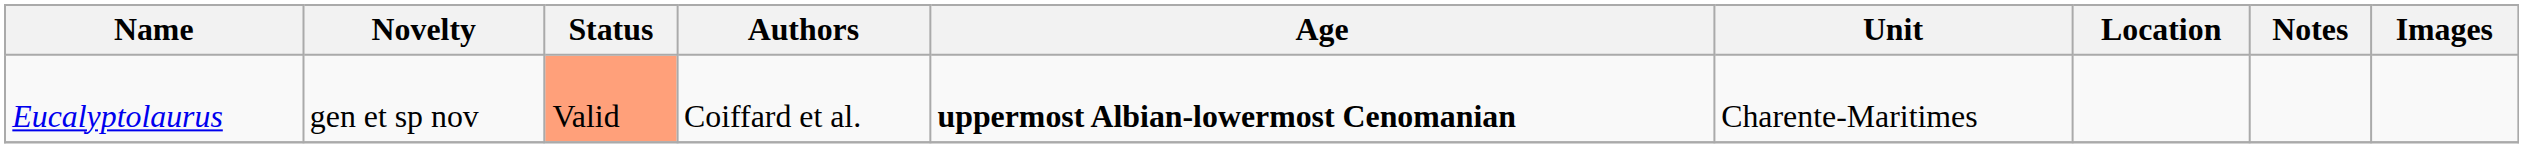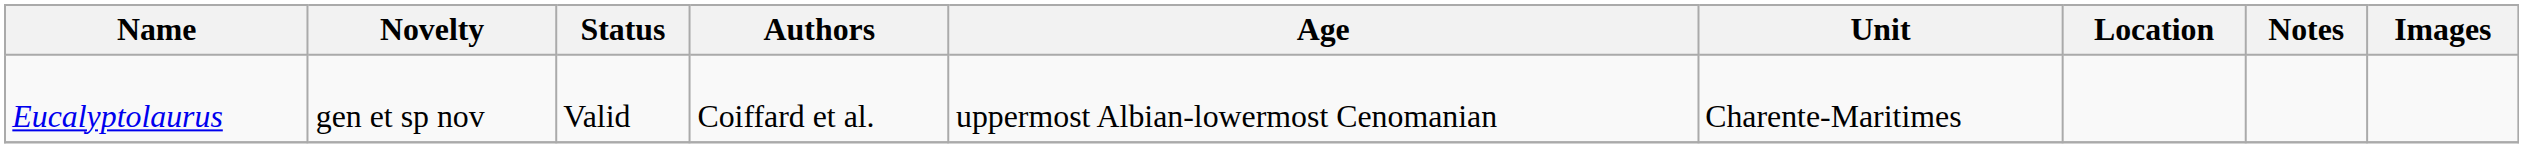 <table class="wikitable sortable" align="center" width="100%">
 <tr>
 <th>Name</th>
 <th>Novelty</th>
 <th>Status</th>
 <th>Authors</th>
 <th>Age</th>
 <th>Unit</th>
 <th>Location</th>
 <th>Notes</th>
 <th>Images</th>
 </tr>
 <tr>
 <td><br><em><a href='#'>Eucalyptolaurus</a></em></td>
 <td><br>gen et sp nov</td>
-<td style="background: lightsalmon;"><br>Valid</td>
+<td><br>Valid</td>
 <td><br>Coiffard et al.</td>
-<td><strong><br>uppermost Albian-lowermost Cenomanian</strong></td>
+<td><br>uppermost Albian-lowermost Cenomanian</td>
 <td><br>Charente-Maritimes</td>
 <td><br></td>
 <td></td>
 <td></td>
 </tr>
 <tr>
 </tr>
 </table>
